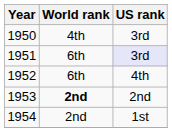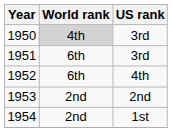 <table class=wikitable>
 <tr>
 <th>Year</th>
 <th>World rank</th>
 <th>US rank</th>
 </tr>
 <tr>
 <td>1950</td>
-<td align="center">4th</td>
+<td align="center" style="background: lightgrey;">4th</td>
 <td align="center">3rd</td>
 </tr>
 <tr>
 <td>1951</td>
 <td align="center">6th</td>
-<td align="center" style="background: lavender;">3rd</td>
+<td align="center">3rd</td>
 </tr>
 <tr>
 <td>1952</td>
 <td align="center">6th</td>
 <td align="center">4th</td>
 </tr>
 <tr>
 <td>1953</td>
-<td align="center"><strong>2nd</strong></td>
+<td align="center">2nd</td>
 <td align="center">2nd</td>
 </tr>
 <tr>
 <td>1954</td>
 <td align="center">2nd</td>
 <td align="center">1st</td>
 </tr>
 <tr>
 </tr>
 </table>
